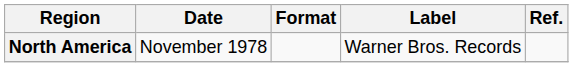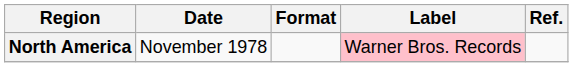 <table class="wikitable plainrowheaders">
 <tr>
 <th scope="col">Region</th>
 <th scope="col">Date</th>
 <th scope="col">Format</th>
 <th scope="col">Label</th>
 <th scope="col">Ref.</th>
 </tr>
 <tr>
 <th scope="row">North America</th>
 <td>November 1978</td>
 <td></td>
-<td>Warner Bros. Records</td>
+<td style="background: pink;">Warner Bros. Records</td>
 <td></td>
 </tr>
 <tr>
 </tr>
 </table>
